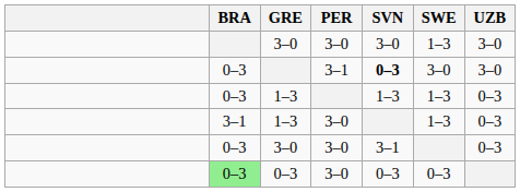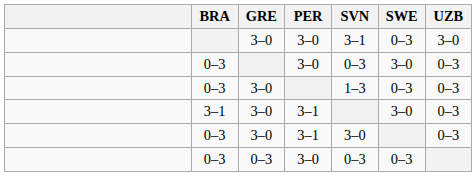 <table class="wikitable" style="text-align:center; font-size:90%">
 <tr>
 <th width="180"> </th>
 <th width="40">BRA</th>
 <th width="40">GRE</th>
 <th width="40">PER</th>
 <th width="40">SVN</th>
 <th width="40">SWE</th>
 <th width="40">UZB</th>
 </tr>
 <tr>
 <td style="text-align:left;"></td>
 <th></th>
 <td>3–0</td>
 <td>3–0</td>
-<td>3–0</td>
-<td>1–3</td>
+<td>3–1</td>
+<td>0–3</td>
 <td>3–0</td>
 </tr>
 <tr>
 <td style="text-align:left;"></td>
 <td>0–3</td>
 <th></th>
-<td>3–1</td>
-<td><strong>0–3</strong></td>
 <td>3–0</td>
+<td>0–3</td>
 <td>3–0</td>
-</tr>
-<tr>
-<td style="text-align:left;"></td>
-<td>0–3</td>
-<td>1–3</td>
-<th></th>
-<td>1–3</td>
-<td>1–3</td>
-<td>0–3</td>
-</tr>
-<tr>
-<td style="text-align:left;"></td>
-<td>3–1</td>
-<td>1–3</td>
-<td>3–0</td>
-<th></th>
-<td>1–3</td>
 <td>0–3</td>
 </tr>
 <tr>
 <td style="text-align:left;"></td>
 <td>0–3</td>
 <td>3–0</td>
+<th></th>
+<td>1–3</td>
+<td>0–3</td>
+<td>0–3</td>
+</tr>
+<tr>
+<td style="text-align:left;"></td>
+<td>3–1</td>
 <td>3–0</td>
 <td>3–1</td>
+<th></th>
+<td>3–0</td>
+<td>0–3</td>
+</tr>
+<tr>
+<td style="text-align:left;"></td>
+<td>0–3</td>
+<td>3–0</td>
+<td>3–1</td>
+<td>3–0</td>
 <th></th>
 <td>0–3</td>
 </tr>
 <tr>
 <td style="text-align:left;"></td>
-<td style="background: lightgreen;">0–3</td>
+<td>0–3</td>
 <td>0–3</td>
 <td>3–0</td>
 <td>0–3</td>
 <td>0–3</td>
 <th></th>
 </tr>
 </table>
